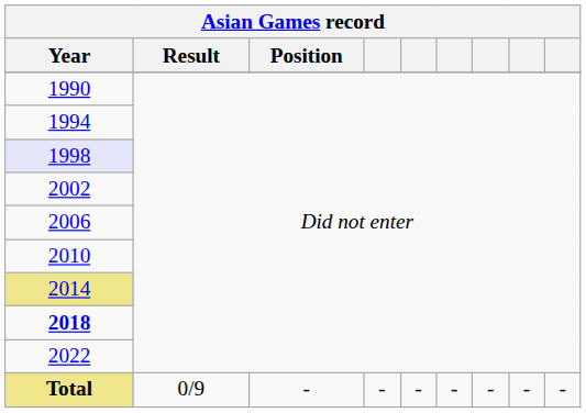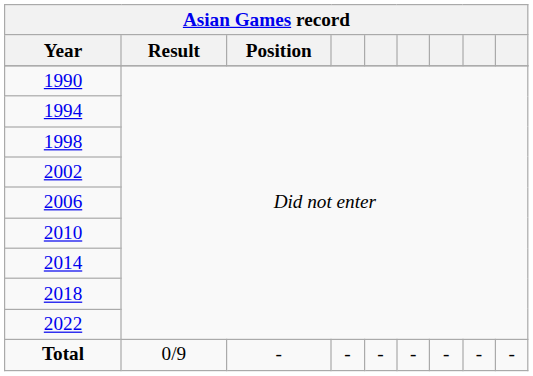 <table class="wikitable" style="text-align: center;">
 <tr>
 <th colspan=9><a href='#'>Asian Games</a> record</th>
 </tr>
 <tr>
 <th style="width:90px;">Year</th>
 <th style="width:80px;">Result</th>
 <th style="width:80px;">Position</th>
 <th style="width:20px;"></th>
 <th style="width:20px;"></th>
 <th style="width:20px;"></th>
 <th style="width:20px;"></th>
 <th style="width:20px;"></th>
 <th style="width:20px;"></th>
 </tr>
 <tr style="background:#cfaa88;">
 </tr>
 <tr>
 <td> <a href='#'>1990</a></td>
 <td colspan=8 rowspan=9><em>Did not enter</em></td>
 </tr>
 <tr>
 <td> <a href='#'>1994</a></td>
 </tr>
 <tr>
-<td style="background: lavender;"> <a href='#'>1998</a></td>
+<td> <a href='#'>1998</a></td>
 </tr>
 <tr>
 <td> <a href='#'>2002</a></td>
 </tr>
 <tr>
 <td> <a href='#'>2006</a></td>
 </tr>
 <tr>
 <td> <a href='#'>2010</a></td>
 </tr>
 <tr>
-<td style="background: khaki;"> <a href='#'>2014</a></td>
+<td> <a href='#'>2014</a></td>
 </tr>
 <tr>
-<td><strong> <a href='#'>2018</a></strong></td>
+<td> <a href='#'>2018</a></td>
 </tr>
 <tr>
 <td> <a href='#'>2022</a></td>
 </tr>
 <tr>
-<td style="background: khaki;"><strong>Total</strong></td>
+<td><strong>Total</strong></td>
 <td>0/9</td>
 <td>-</td>
 <td>-</td>
 <td>-</td>
 <td>-</td>
 <td>-</td>
 <td>-</td>
 <td>-</td>
 </tr>
 </table>
